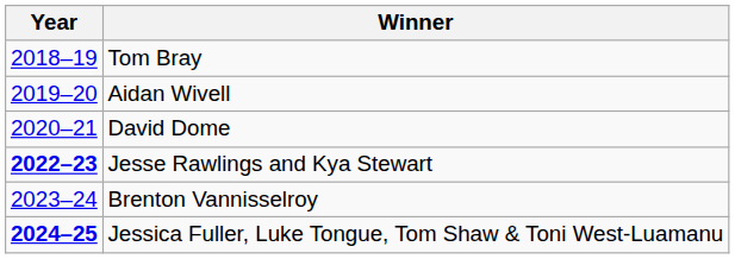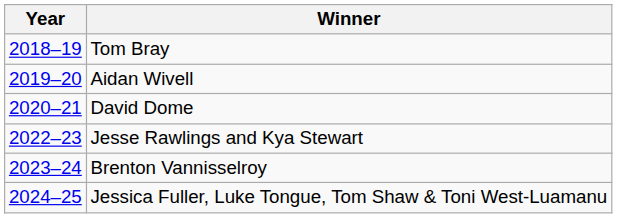 <table class="wikitable" border="1">
 <tr>
 <th>Year</th>
 <th>Winner</th>
 </tr>
 <tr>
 <td><a href='#'>2018–19</a></td>
 <td style="text-align:left;">Tom Bray</td>
 </tr>
 <tr>
 <td><a href='#'>2019–20</a></td>
 <td style="text-align:left;">Aidan Wivell</td>
 </tr>
 <tr>
 <td><a href='#'>2020–21</a></td>
 <td style="text-align:left;">David Dome</td>
 </tr>
 <tr>
-<td><strong><a href='#'>2022–23</a></strong></td>
+<td><a href='#'>2022–23</a></td>
 <td style="text-align:left;">Jesse Rawlings and Kya Stewart</td>
 </tr>
 <tr>
 <td><a href='#'>2023–24</a></td>
 <td>Brenton Vannisselroy</td>
 </tr>
 <tr>
-<td><strong><a href='#'>2024–25</a></strong></td>
+<td><a href='#'>2024–25</a></td>
 <td>Jessica Fuller, Luke Tongue, Tom Shaw & Toni West-Luamanu</td>
 </tr>
 </table>
